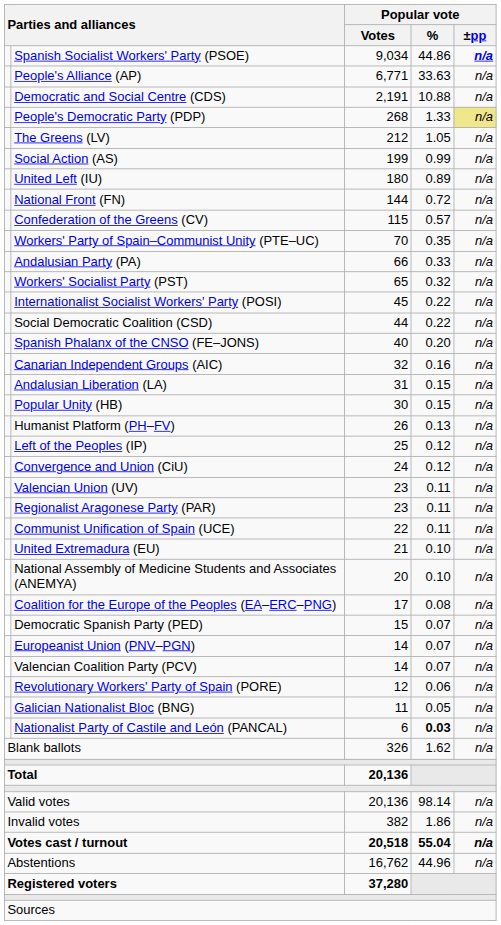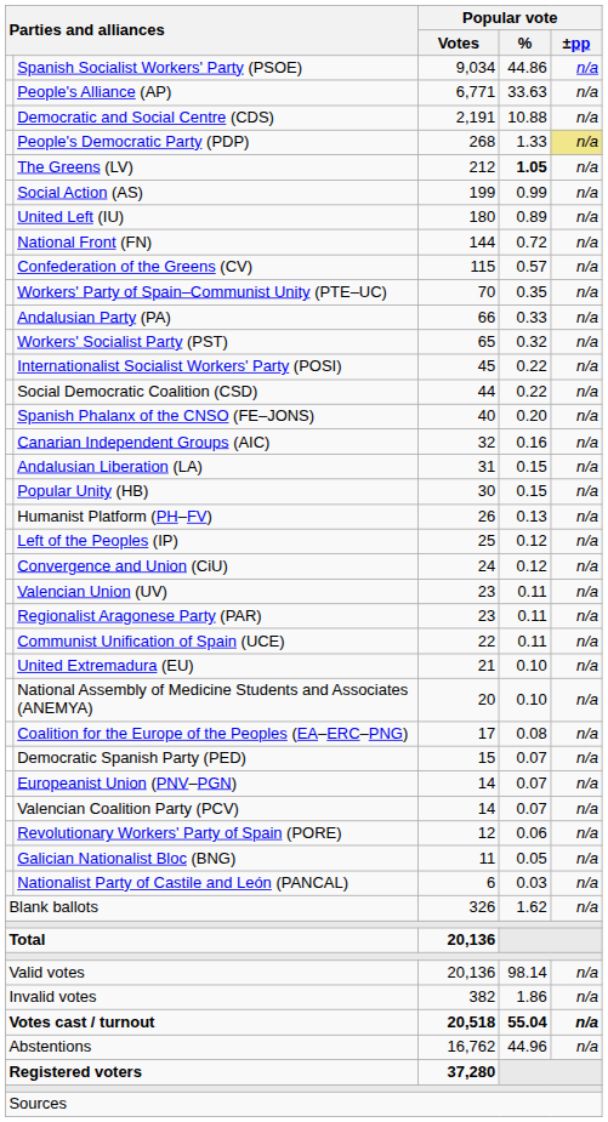 <table class="wikitable" style="text-align:right">
 <tr>
 <th style="text-align:left;" rowspan="2" colspan="2" width="525">Parties and alliances</th>
 <th colspan="3">Popular vote</th>
 </tr>
 <tr>
 <th width="75">Votes</th>
 <th width="45">%</th>
 <th width="45">±<a href='#'>pp</a></th>
 </tr>
 <tr>
 <td width="1" style="color:inherit;background:"></td>
 <td align="left"><a href='#'>Spanish Socialist Workers' Party</a> (PSOE)</td>
 <td>9,034</td>
 <td>44.86</td>
-<td><strong><em><a href='#'>n/a</a></em></strong></td>
+<td><em><a href='#'>n/a</a></em></td>
 </tr>
 <tr>
 <td style="color:inherit;background:"></td>
 <td align="left"><a href='#'>People's Alliance</a> (AP)</td>
 <td>6,771</td>
 <td>33.63</td>
 <td><em>n/a</em></td>
 </tr>
 <tr>
 <td style="color:inherit;background:"></td>
 <td align="left"><a href='#'>Democratic and Social Centre</a> (CDS)</td>
 <td>2,191</td>
 <td>10.88</td>
 <td><em>n/a</em></td>
 </tr>
 <tr>
 <td style="color:inherit;background:"></td>
 <td align="left"><a href='#'>People's Democratic Party</a> (PDP)</td>
 <td>268</td>
 <td>1.33</td>
 <td style="background: khaki;"><em>n/a</em></td>
 </tr>
 <tr>
 <td style="color:inherit;background:"></td>
 <td align="left"><a href='#'>The Greens</a> (LV)</td>
 <td>212</td>
-<td>1.05</td>
+<td><strong>1.05</strong></td>
 <td><em>n/a</em></td>
 </tr>
 <tr>
 <td style="color:inherit;background:"></td>
 <td align="left"><a href='#'>Social Action</a> (AS)</td>
 <td>199</td>
 <td>0.99</td>
 <td><em>n/a</em></td>
 </tr>
 <tr>
 <td style="color:inherit;background:"></td>
 <td align="left"><a href='#'>United Left</a> (IU)</td>
 <td>180</td>
 <td>0.89</td>
 <td><em>n/a</em></td>
 </tr>
 <tr>
 <td style="color:inherit;background:"></td>
 <td align="left"><a href='#'>National Front</a> (FN)</td>
 <td>144</td>
 <td>0.72</td>
 <td><em>n/a</em></td>
 </tr>
 <tr>
 <td style="color:inherit;background:"></td>
 <td align="left"><a href='#'>Confederation of the Greens</a> (CV)</td>
 <td>115</td>
 <td>0.57</td>
 <td><em>n/a</em></td>
 </tr>
 <tr>
 <td style="color:inherit;background:"></td>
 <td align="left"><a href='#'>Workers' Party of Spain–Communist Unity</a> (PTE–UC)</td>
 <td>70</td>
 <td>0.35</td>
 <td><em>n/a</em></td>
 </tr>
 <tr>
 <td style="color:inherit;background:"></td>
 <td align="left"><a href='#'>Andalusian Party</a> (PA)</td>
 <td>66</td>
 <td>0.33</td>
 <td><em>n/a</em></td>
 </tr>
 <tr>
 <td style="color:inherit;background:"></td>
 <td align="left"><a href='#'>Workers' Socialist Party</a> (PST)</td>
 <td>65</td>
 <td>0.32</td>
 <td><em>n/a</em></td>
 </tr>
 <tr>
 <td style="color:inherit;background:"></td>
 <td align="left"><a href='#'>Internationalist Socialist Workers' Party</a> (POSI)</td>
 <td>45</td>
 <td>0.22</td>
 <td><em>n/a</em></td>
 </tr>
 <tr>
 <td style="color:inherit;background:"></td>
 <td align="left">Social Democratic Coalition (CSD)</td>
 <td>44</td>
 <td>0.22</td>
 <td><em>n/a</em></td>
 </tr>
 <tr>
 <td style="color:inherit;background:"></td>
 <td align="left"><a href='#'>Spanish Phalanx of the CNSO</a> (FE–JONS)</td>
 <td>40</td>
 <td>0.20</td>
 <td><em>n/a</em></td>
 </tr>
 <tr>
 <td style="color:inherit;background:"></td>
 <td align="left"><a href='#'>Canarian Independent Groups</a> (AIC)</td>
 <td>32</td>
 <td>0.16</td>
 <td><em>n/a</em></td>
 </tr>
 <tr>
 <td style="color:inherit;background:"></td>
 <td align="left"><a href='#'>Andalusian Liberation</a> (LA)</td>
 <td>31</td>
 <td>0.15</td>
 <td><em>n/a</em></td>
 </tr>
 <tr>
 <td style="color:inherit;background:"></td>
 <td align="left"><a href='#'>Popular Unity</a> (HB)</td>
 <td>30</td>
 <td>0.15</td>
 <td><em>n/a</em></td>
 </tr>
 <tr>
 <td style="color:inherit;background:"></td>
 <td align="left">Humanist Platform (<a href='#'>PH</a>–<a href='#'>FV</a>)</td>
 <td>26</td>
 <td>0.13</td>
 <td><em>n/a</em></td>
 </tr>
 <tr>
 <td style="color:inherit;background:"></td>
 <td align="left"><a href='#'>Left of the Peoples</a> (IP)</td>
 <td>25</td>
 <td>0.12</td>
 <td><em>n/a</em></td>
 </tr>
 <tr>
 <td style="color:inherit;background:"></td>
 <td align="left"><a href='#'>Convergence and Union</a> (CiU)</td>
 <td>24</td>
 <td>0.12</td>
 <td><em>n/a</em></td>
 </tr>
 <tr>
 <td style="color:inherit;background:"></td>
 <td align="left"><a href='#'>Valencian Union</a> (UV)</td>
 <td>23</td>
 <td>0.11</td>
 <td><em>n/a</em></td>
 </tr>
 <tr>
 <td style="color:inherit;background:"></td>
 <td align="left"><a href='#'>Regionalist Aragonese Party</a> (PAR)</td>
 <td>23</td>
 <td>0.11</td>
 <td><em>n/a</em></td>
 </tr>
 <tr>
 <td style="color:inherit;background:"></td>
 <td align="left"><a href='#'>Communist Unification of Spain</a> (UCE)</td>
 <td>22</td>
 <td>0.11</td>
 <td><em>n/a</em></td>
 </tr>
 <tr>
 <td style="color:inherit;background:"></td>
 <td align="left"><a href='#'>United Extremadura</a> (EU)</td>
 <td>21</td>
 <td>0.10</td>
 <td><em>n/a</em></td>
 </tr>
 <tr>
 <td bgcolor="white"></td>
 <td align="left">National Assembly of Medicine Students and Associates (ANEMYA)</td>
 <td>20</td>
 <td>0.10</td>
 <td><em>n/a</em></td>
 </tr>
 <tr>
 <td style="color:inherit;background:"></td>
 <td align="left"><a href='#'>Coalition for the Europe of the Peoples</a> (<a href='#'>EA</a>–<a href='#'>ERC</a>–<a href='#'>PNG</a>)</td>
 <td>17</td>
 <td>0.08</td>
 <td><em>n/a</em></td>
 </tr>
 <tr>
 <td bgcolor="white"></td>
 <td align="left">Democratic Spanish Party (PED)</td>
 <td>15</td>
 <td>0.07</td>
 <td><em>n/a</em></td>
 </tr>
 <tr>
 <td style="color:inherit;background:"></td>
 <td align="left"><a href='#'>Europeanist Union</a> (<a href='#'>PNV</a>–<a href='#'>PGN</a>)</td>
 <td>14</td>
 <td>0.07</td>
 <td><em>n/a</em></td>
 </tr>
 <tr>
 <td bgcolor="white"></td>
 <td align="left">Valencian Coalition Party (PCV)</td>
 <td>14</td>
 <td>0.07</td>
 <td><em>n/a</em></td>
 </tr>
 <tr>
 <td style="color:inherit;background:"></td>
 <td align="left"><a href='#'>Revolutionary Workers' Party of Spain</a> (PORE)</td>
 <td>12</td>
 <td>0.06</td>
 <td><em>n/a</em></td>
 </tr>
 <tr>
 <td style="color:inherit;background:"></td>
 <td align="left"><a href='#'>Galician Nationalist Bloc</a> (BNG)</td>
 <td>11</td>
 <td>0.05</td>
 <td><em>n/a</em></td>
 </tr>
 <tr>
 <td style="color:inherit;background:"></td>
 <td align="left"><a href='#'>Nationalist Party of Castile and León</a> (PANCAL)</td>
 <td>6</td>
-<td><strong>0.03</strong></td>
+<td>0.03</td>
 <td><em>n/a</em></td>
 </tr>
 <tr>
 <td align="left" colspan="2">Blank ballots</td>
 <td>326</td>
 <td>1.62</td>
 <td><em>n/a</em></td>
 </tr>
 <tr>
 <td colspan="5" bgcolor="#E9E9E9"></td>
 </tr>
 <tr style="font-weight:bold;">
 <td align="left" colspan="2">Total</td>
 <td>20,136</td>
 <td bgcolor="#E9E9E9" colspan="2"></td>
 </tr>
 <tr>
 <td colspan="5" bgcolor="#E9E9E9"></td>
 </tr>
 <tr>
 <td align="left" colspan="2">Valid votes</td>
 <td>20,136</td>
 <td>98.14</td>
 <td><em>n/a</em></td>
 </tr>
 <tr>
 <td align="left" colspan="2">Invalid votes</td>
 <td>382</td>
 <td>1.86</td>
 <td><em>n/a</em></td>
 </tr>
 <tr style="font-weight:bold;">
 <td align="left" colspan="2">Votes cast / turnout</td>
 <td>20,518</td>
 <td>55.04</td>
 <td><em>n/a</em></td>
 </tr>
 <tr>
 <td align="left" colspan="2">Abstentions</td>
 <td>16,762</td>
 <td>44.96</td>
 <td><em>n/a</em></td>
 </tr>
 <tr style="font-weight:bold;">
 <td align="left" colspan="2">Registered voters</td>
 <td>37,280</td>
 <td bgcolor="#E9E9E9" colspan="2"></td>
 </tr>
 <tr>
 <td colspan="5" bgcolor="#E9E9E9"></td>
 </tr>
 <tr>
 <td align="left" colspan="5">Sources</td>
 </tr>
 </table>
